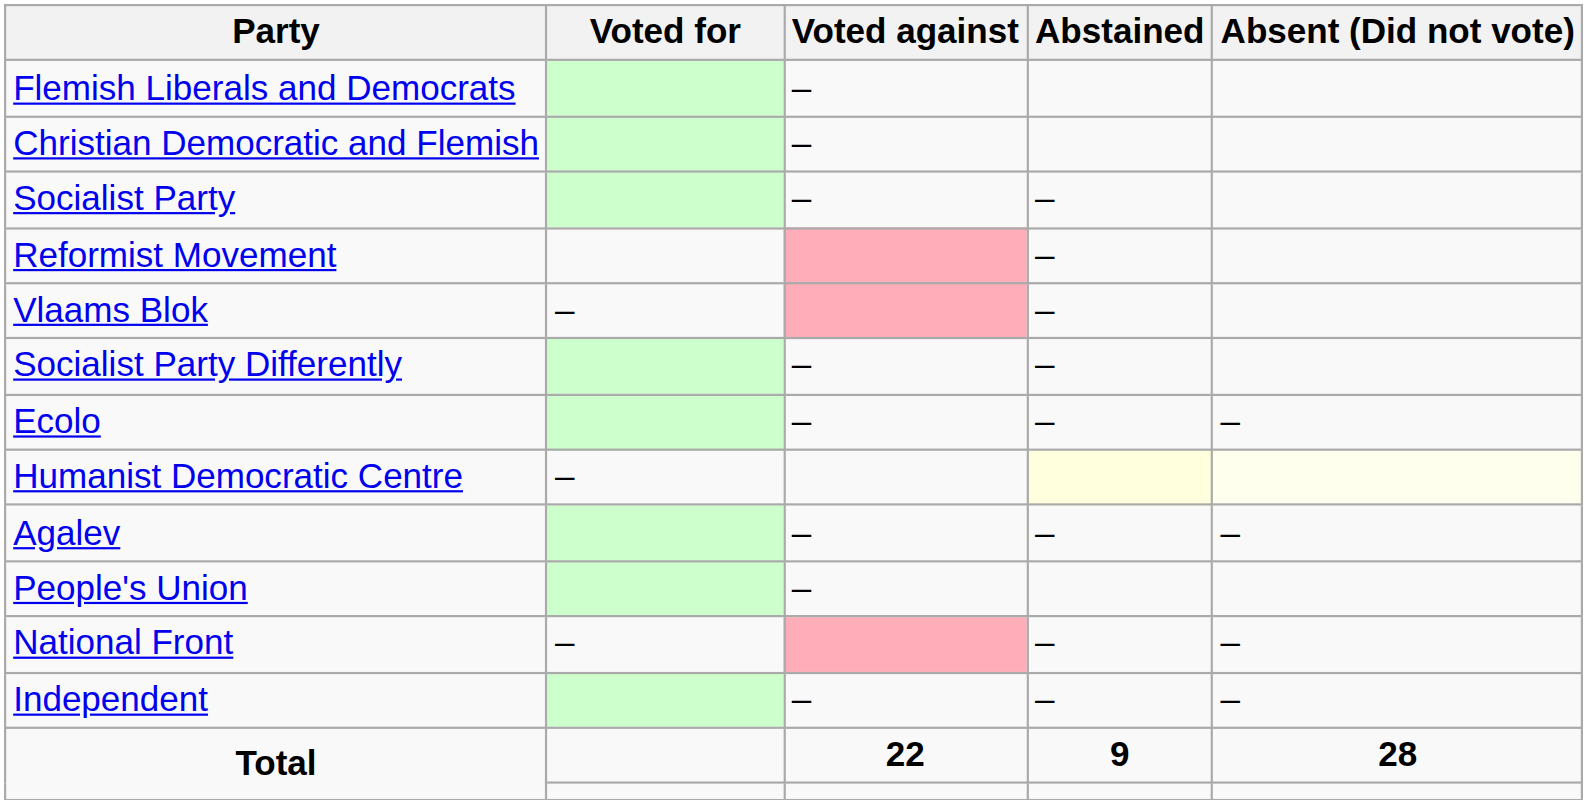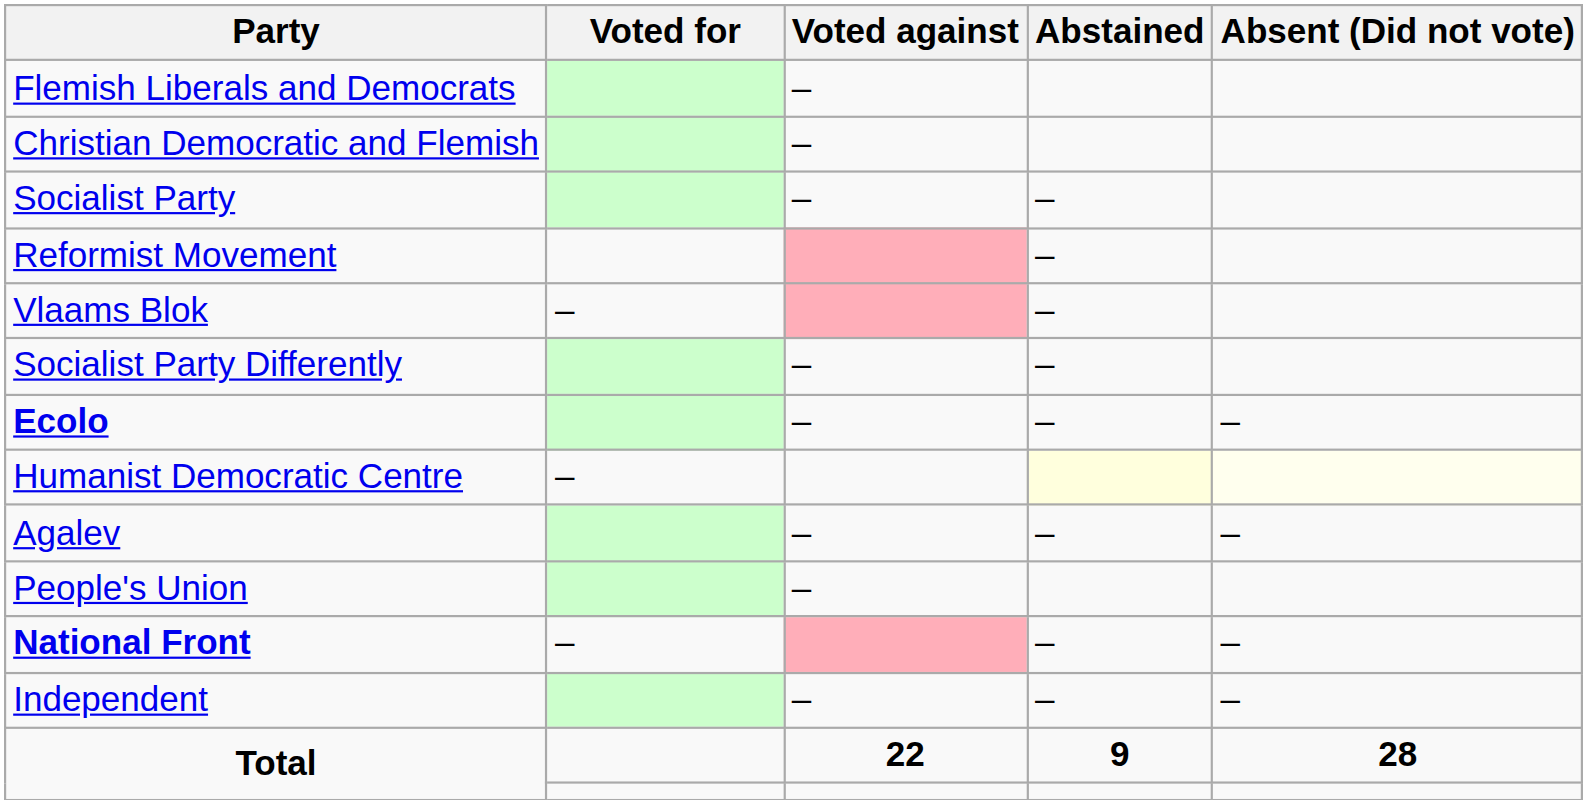 <table class="wikitable">
 <tr>
 <th>Party</th>
 <th style="width:15%;">Voted for</th>
 <th>Voted against</th>
 <th>Abstained</th>
 <th>Absent (Did not vote)</th>
 </tr>
 <tr>
 <td> <a href='#'>Flemish Liberals and Democrats</a></td>
 <td style="background-color:#CCFFCC;"></td>
 <td>–</td>
 <td></td>
 <td></td>
 </tr>
 <tr>
 <td> <a href='#'>Christian Democratic and Flemish</a></td>
 <td style="background-color:#CCFFCC;"></td>
 <td>–</td>
 <td></td>
 <td></td>
 </tr>
 <tr>
 <td> <a href='#'>Socialist Party</a></td>
 <td style="background-color:#CCFFCC;"></td>
 <td>–</td>
 <td>–</td>
 <td></td>
 </tr>
 <tr>
 <td> <a href='#'>Reformist Movement</a></td>
 <td></td>
 <td style="background-color:#FFAEB9;"></td>
 <td>–</td>
 <td></td>
 </tr>
 <tr>
 <td> <a href='#'>Vlaams Blok</a></td>
 <td>–</td>
 <td style="background-color:#FFAEB9;"></td>
 <td>–</td>
 <td></td>
 </tr>
 <tr>
 <td> <a href='#'>Socialist Party Differently</a></td>
 <td style="background-color:#CCFFCC;"></td>
 <td>–</td>
 <td>–</td>
 <td></td>
 </tr>
 <tr>
-<td> <a href='#'>Ecolo</a></td>
+<td><strong> <a href='#'>Ecolo</a></strong></td>
 <td style="background-color:#CCFFCC;"></td>
 <td>–</td>
 <td>–</td>
 <td>–</td>
 </tr>
 <tr>
 <td> <a href='#'>Humanist Democratic Centre</a></td>
 <td>–</td>
 <td></td>
 <td style="background-color:#FFD;"></td>
 <td style="background-color:#FFE;"></td>
 </tr>
 <tr>
 <td> <a href='#'>Agalev</a></td>
 <td style="background-color:#CCFFCC;"></td>
 <td>–</td>
 <td>–</td>
 <td>–</td>
 </tr>
 <tr>
 <td> <a href='#'>People's Union</a></td>
 <td style="background-color:#CCFFCC;"></td>
 <td>–</td>
 <td></td>
 <td></td>
 </tr>
 <tr>
-<td> <a href='#'>National Front</a></td>
+<td><strong> <a href='#'>National Front</a></strong></td>
 <td>–</td>
 <td style="background-color:#FFAEB9;"></td>
 <td>–</td>
 <td>–</td>
 </tr>
 <tr>
 <td> <a href='#'>Independent</a></td>
 <td style="background-color:#CCFFCC;"></td>
 <td>–</td>
 <td>–</td>
 <td>–</td>
 </tr>
 <tr>
 <td style="text-align:center;" rowspan="2"><strong>Total</strong></td>
 <td></td>
 <td style="text-align:center;"><strong>22</strong></td>
 <td style="text-align:center;"><strong>9</strong></td>
 <td style="text-align:center;"><strong>28</strong></td>
 </tr>
 <tr>
 <td style="text-align:center;"></td>
 <td style="text-align:center;"></td>
 <td style="text-align:center;"></td>
 <td style="text-align:center;"></td>
 </tr>
 </table>
